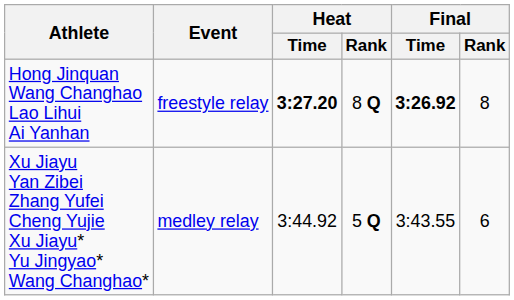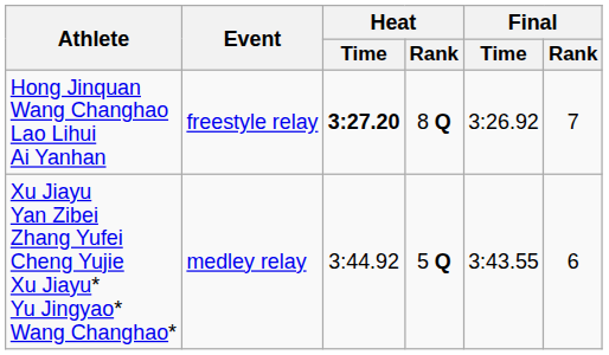 <table class="wikitable" style="text-align:center; font-size:90%">
 <tr>
 <th rowspan=2>Athlete</th>
 <th rowspan=2>Event</th>
 <th colspan=2>Heat</th>
 <th colspan=2>Final</th>
 </tr>
 <tr style="font-size:95%">
 <th>Time</th>
 <th>Rank</th>
 <th>Time</th>
 <th>Rank</th>
 </tr>
 <tr>
 <td align=left><a href='#'>Hong Jinquan</a><br><a href='#'>Wang Changhao</a><br><a href='#'>Lao Lihui</a> <br><a href='#'>Ai Yanhan</a></td>
 <td align=left><a href='#'> freestyle relay</a></td>
 <td><strong>3:27.20</strong></td>
 <td>8 <strong>Q</strong></td>
-<td><strong>3:26.92</strong></td>
-<td>8</td>
+<td>3:26.92</td>
+<td>7</td>
 </tr>
 <tr>
 <td align=left><a href='#'>Xu Jiayu</a><br><a href='#'>Yan Zibei</a><br><a href='#'>Zhang Yufei</a> <br><a href='#'>Cheng Yujie</a><br><a href='#'>Xu Jiayu</a>*<br><a href='#'>Yu Jingyao</a>*<br><a href='#'>Wang Changhao</a>*</td>
 <td align=left><a href='#'> medley relay</a></td>
 <td>3:44.92</td>
 <td>5 <strong>Q</strong></td>
 <td>3:43.55</td>
 <td>6</td>
 </tr>
 </table>
